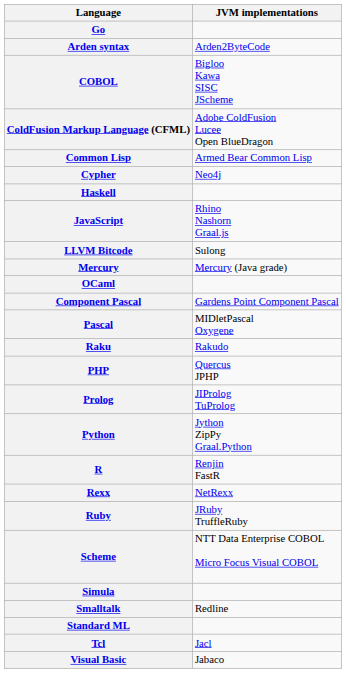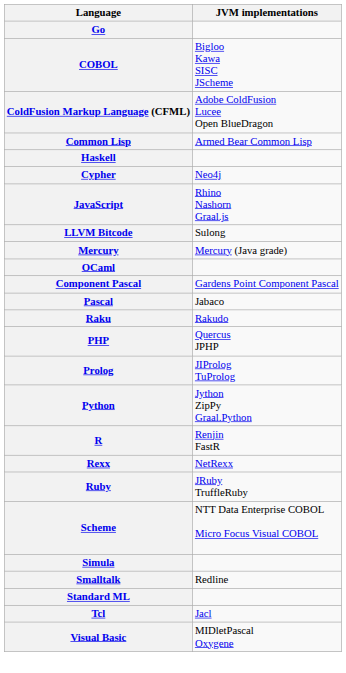 <table class="wikitable sortable">
 <tr>
 <th>Language</th>
 <th>JVM implementations</th>
 </tr>
 <tr>
 <th><a href='#'>Go</a></th>
 <td></td>
-</tr>
-<tr>
-<th><a href='#'>Arden syntax</a></th>
-<td><a href='#'>Arden2ByteCode</a></td>
 </tr>
 <tr>
 <th><a href='#'>COBOL</a></th>
 <td><a href='#'>Bigloo</a><br><a href='#'>Kawa</a><br><a href='#'>SISC</a><br><a href='#'>JScheme</a></td>
 </tr>
 <tr>
 <th><a href='#'>ColdFusion Markup Language</a> (CFML)</th>
 <td><a href='#'>Adobe ColdFusion</a><br><a href='#'>Lucee</a><br>Open BlueDragon</td>
 </tr>
 <tr>
 <th><a href='#'>Common Lisp</a></th>
 <td><a href='#'>Armed Bear Common Lisp</a></td>
 </tr>
 <tr>
+<th><a href='#'>Haskell</a></th>
+<td></td>
+</tr>
+<tr>
 <th><a href='#'>Cypher</a></th>
 <td><a href='#'>Neo4j</a></td>
-</tr>
-<tr>
-<th><a href='#'>Haskell</a></th>
-<td></td>
 </tr>
 <tr>
 <th><a href='#'>JavaScript</a></th>
 <td><a href='#'>Rhino</a><br><a href='#'>Nashorn</a><br><a href='#'>Graal.js</a></td>
 </tr>
 <tr>
 <th><a href='#'>LLVM Bitcode</a></th>
 <td>Sulong</td>
 </tr>
 <tr>
 <th><a href='#'>Mercury</a></th>
 <td><a href='#'>Mercury</a> (Java grade)</td>
 </tr>
 <tr>
 <th><a href='#'>OCaml</a></th>
 <td></td>
 </tr>
 <tr>
 <th><a href='#'>Component Pascal</a></th>
 <td><a href='#'>Gardens Point Component Pascal</a></td>
 </tr>
 <tr>
 <th><a href='#'>Pascal</a></th>
-<td>MIDletPascal<br><a href='#'>Oxygene</a></td>
+<td>Jabaco</td>
 </tr>
 <tr>
 <th><a href='#'>Raku</a></th>
 <td><a href='#'>Rakudo</a></td>
 </tr>
 <tr>
 <th><a href='#'>PHP</a></th>
 <td><a href='#'>Quercus</a><br>JPHP</td>
 </tr>
 <tr>
 <th><a href='#'>Prolog</a></th>
 <td><a href='#'>JIProlog</a><br><a href='#'>TuProlog</a></td>
 </tr>
 <tr>
 <th><a href='#'>Python</a></th>
 <td><a href='#'>Jython</a><br>ZipPy<br><a href='#'>Graal.Python</a></td>
 </tr>
 <tr>
 <th><a href='#'>R</a></th>
 <td><a href='#'>Renjin</a><br>FastR</td>
 </tr>
 <tr>
 <th><a href='#'>Rexx</a></th>
 <td><a href='#'>NetRexx</a></td>
 </tr>
 <tr>
 <th><a href='#'>Ruby</a></th>
 <td><a href='#'>JRuby</a><br>TruffleRuby</td>
 </tr>
 <tr>
 <th><a href='#'>Scheme</a></th>
 <td>NTT Data Enterprise COBOL<br><br><a href='#'>Micro Focus Visual COBOL</a><br>  <br> </td>
 </tr>
 <tr>
 <th><a href='#'>Simula</a></th>
 <td></td>
 </tr>
 <tr>
 <th><a href='#'>Smalltalk</a></th>
 <td>Redline</td>
 </tr>
 <tr>
 <th><a href='#'>Standard ML</a></th>
 <td></td>
 </tr>
 <tr>
 <th><a href='#'>Tcl</a></th>
 <td><a href='#'>Jacl</a></td>
 </tr>
 <tr>
 <th><a href='#'>Visual Basic</a></th>
-<td>Jabaco</td>
+<td>MIDletPascal<br><a href='#'>Oxygene</a></td>
 </tr>
 </table>
